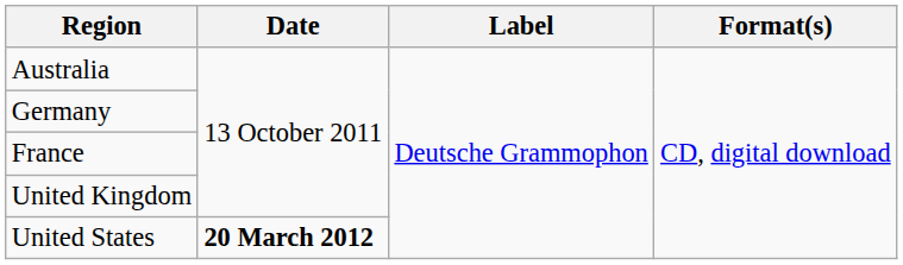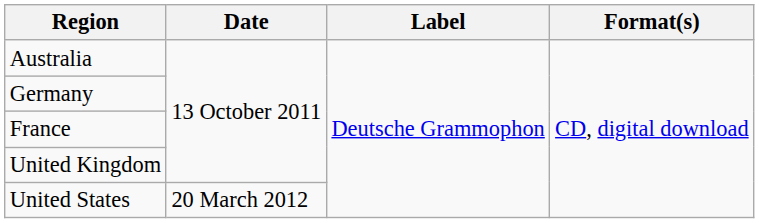 <table class="wikitable plainrowheaders">
 <tr>
 <th scope="col">Region</th>
 <th scope="col">Date</th>
 <th scope="col">Label</th>
 <th scope="col">Format(s)</th>
 </tr>
 <tr>
 <td>Australia</td>
 <td rowspan="4">13 October 2011</td>
 <td rowspan="5"><a href='#'>Deutsche Grammophon</a></td>
 <td rowspan="5"><a href='#'>CD</a>, <a href='#'>digital download</a></td>
 </tr>
 <tr>
 <td>Germany</td>
 </tr>
 <tr>
 <td>France</td>
 </tr>
 <tr>
 <td>United Kingdom</td>
 </tr>
 <tr>
 <td>United States</td>
-<td><strong>20 March 2012</strong></td>
+<td>20 March 2012</td>
 </tr>
 </table>
